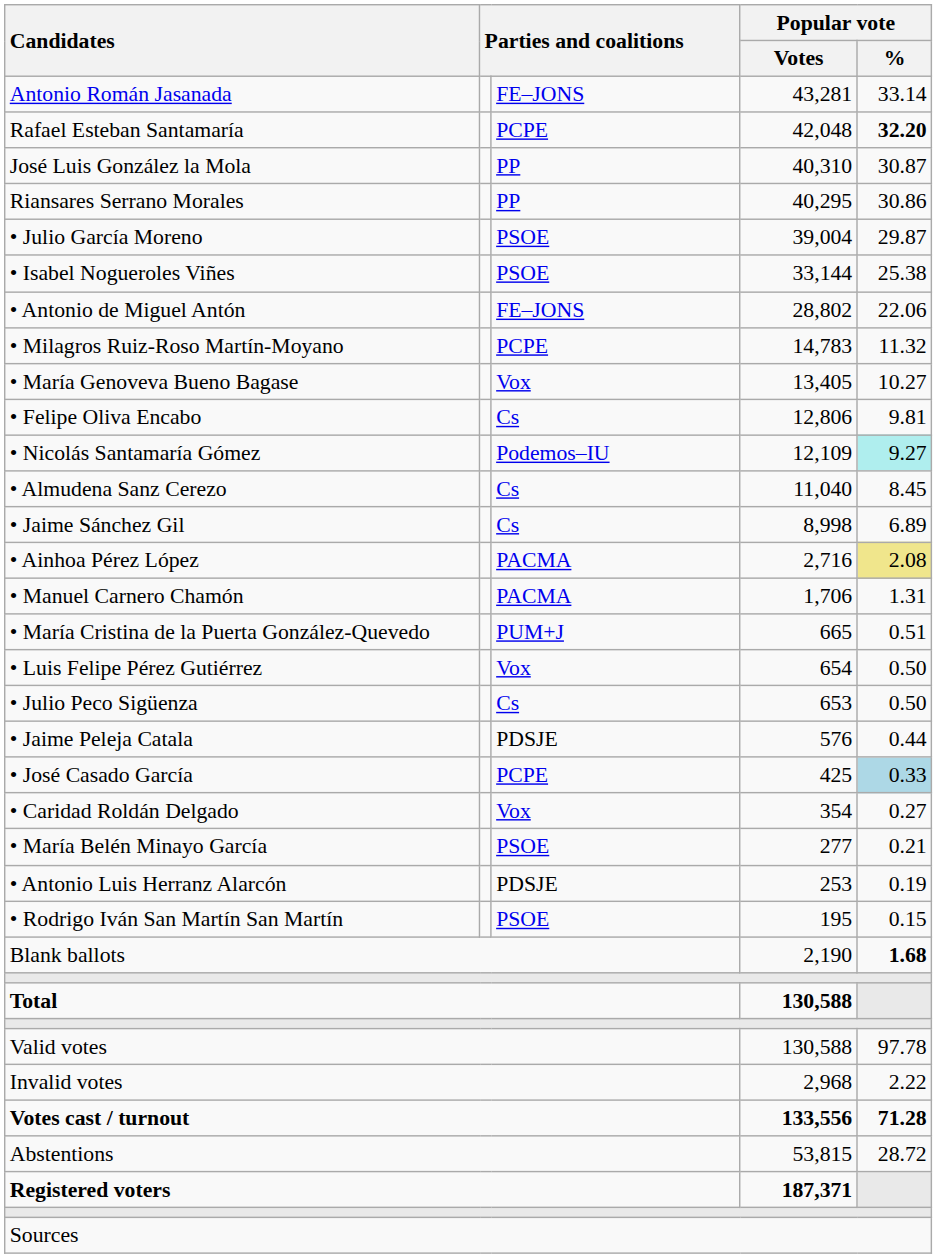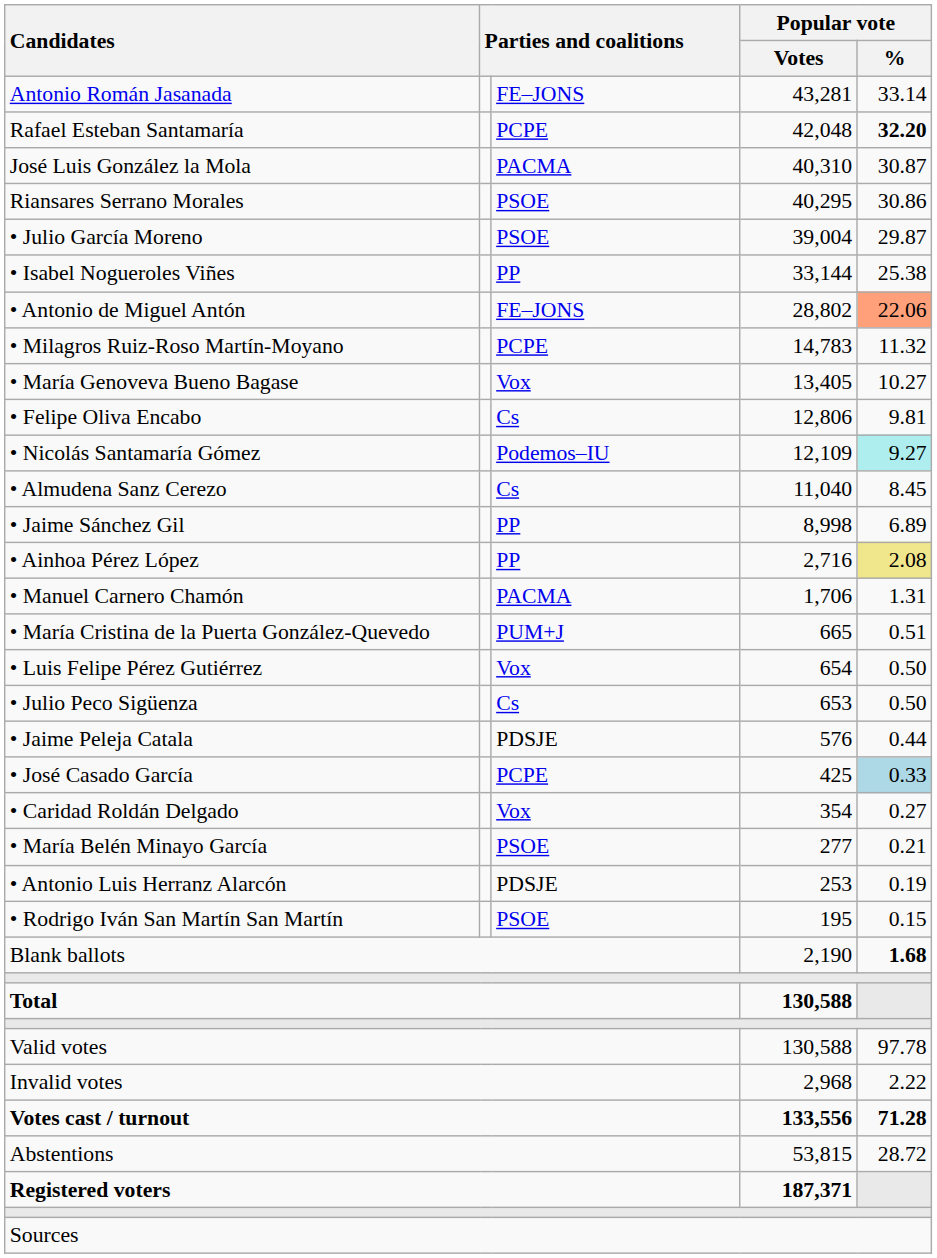 <table class="wikitable" style="text-align:right; font-size:95%;">
 <tr>
 <th style="text-align:left;" rowspan="2" width="325">Candidates</th>
 <th style="text-align:left;" rowspan="2" colspan="2" width="175">Parties and coalitions</th>
 <th colspan="2">Popular vote</th>
 </tr>
 <tr>
 <th width="75">Votes</th>
 <th width="45">%</th>
 </tr>
 <tr>
 <td align="left"> <a href='#'>Antonio Román Jasanada</a></td>
 <td width="1" style="color:inherit;background:"></td>
 <td align="left"><a href='#'>FE–JONS</a></td>
 <td>43,281</td>
 <td>33.14</td>
 </tr>
 <tr>
 <td align="left"> Rafael Esteban Santamaría</td>
 <td style="color:inherit;background:"></td>
 <td align="left"><a href='#'>PCPE</a></td>
 <td>42,048</td>
 <td><strong>32.20</strong></td>
 </tr>
 <tr>
 <td align="left"> José Luis González la Mola</td>
 <td style="color:inherit;background:"></td>
-<td align="left"><a href='#'>PP</a></td>
+<td align="left"><a href='#'>PACMA</a></td>
 <td>40,310</td>
 <td>30.87</td>
 </tr>
 <tr>
 <td align="left"> Riansares Serrano Morales</td>
 <td style="color:inherit;background:"></td>
-<td align="left"><a href='#'>PP</a></td>
+<td align="left"><a href='#'>PSOE</a></td>
 <td>40,295</td>
 <td>30.86</td>
 </tr>
 <tr>
 <td align="left">• Julio García Moreno</td>
 <td style="color:inherit;background:"></td>
 <td align="left"><a href='#'>PSOE</a></td>
 <td>39,004</td>
 <td>29.87</td>
 </tr>
 <tr>
 <td align="left">• Isabel Nogueroles Viñes</td>
 <td style="color:inherit;background:"></td>
-<td align="left"><a href='#'>PSOE</a></td>
+<td align="left"><a href='#'>PP</a></td>
 <td>33,144</td>
 <td>25.38</td>
 </tr>
 <tr>
 <td align="left">• Antonio de Miguel Antón</td>
 <td style="color:inherit;background:"></td>
 <td align="left"><a href='#'>FE–JONS</a></td>
 <td>28,802</td>
-<td>22.06</td>
+<td style="background: lightsalmon;">22.06</td>
 </tr>
 <tr>
 <td align="left">• Milagros Ruiz-Roso Martín-Moyano</td>
 <td style="color:inherit;background:"></td>
 <td align="left"><a href='#'>PCPE</a></td>
 <td>14,783</td>
 <td>11.32</td>
 </tr>
 <tr>
 <td align="left">• María Genoveva Bueno Bagase</td>
 <td style="color:inherit;background:"></td>
 <td align="left"><a href='#'>Vox</a></td>
 <td>13,405</td>
 <td>10.27</td>
 </tr>
 <tr>
 <td align="left">• Felipe Oliva Encabo</td>
 <td style="color:inherit;background:"></td>
 <td align="left"><a href='#'>Cs</a></td>
 <td>12,806</td>
 <td>9.81</td>
 </tr>
 <tr>
 <td align="left">• Nicolás Santamaría Gómez</td>
 <td style="color:inherit;background:"></td>
 <td align="left"><a href='#'>Podemos–IU</a></td>
 <td>12,109</td>
 <td style="background: paleturquoise;">9.27</td>
 </tr>
 <tr>
 <td align="left">• Almudena Sanz Cerezo</td>
 <td style="color:inherit;background:"></td>
 <td align="left"><a href='#'>Cs</a></td>
 <td>11,040</td>
 <td>8.45</td>
 </tr>
 <tr>
 <td align="left">• Jaime Sánchez Gil</td>
 <td style="color:inherit;background:"></td>
-<td align="left"><a href='#'>Cs</a></td>
+<td align="left"><a href='#'>PP</a></td>
 <td>8,998</td>
 <td>6.89</td>
 </tr>
 <tr>
 <td align="left">• Ainhoa Pérez López</td>
 <td style="color:inherit;background:"></td>
-<td align="left"><a href='#'>PACMA</a></td>
+<td align="left"><a href='#'>PP</a></td>
 <td>2,716</td>
 <td style="background: khaki;">2.08</td>
 </tr>
 <tr>
 <td align="left">• Manuel Carnero Chamón</td>
 <td style="color:inherit;background:"></td>
 <td align="left"><a href='#'>PACMA</a></td>
 <td>1,706</td>
 <td>1.31</td>
 </tr>
 <tr>
 <td align="left">• María Cristina de la Puerta González-Quevedo</td>
 <td style="color:inherit;background:"></td>
 <td align="left"><a href='#'>PUM+J</a></td>
 <td>665</td>
 <td>0.51</td>
 </tr>
 <tr>
 <td align="left">• Luis Felipe Pérez Gutiérrez</td>
 <td style="color:inherit;background:"></td>
 <td align="left"><a href='#'>Vox</a></td>
 <td>654</td>
 <td>0.50</td>
 </tr>
 <tr>
 <td align="left">• Julio Peco Sigüenza</td>
 <td style="color:inherit;background:"></td>
 <td align="left"><a href='#'>Cs</a></td>
 <td>653</td>
 <td>0.50</td>
 </tr>
 <tr>
 <td align="left">• Jaime Peleja Catala</td>
 <td style="color:inherit;background:"></td>
 <td align="left">PDSJE</td>
 <td>576</td>
 <td>0.44</td>
 </tr>
 <tr>
 <td align="left">• José Casado García</td>
 <td style="color:inherit;background:"></td>
 <td align="left"><a href='#'>PCPE</a></td>
 <td>425</td>
 <td style="background: lightblue;">0.33</td>
 </tr>
 <tr>
 <td align="left">• Caridad Roldán Delgado</td>
 <td style="color:inherit;background:"></td>
 <td align="left"><a href='#'>Vox</a></td>
 <td>354</td>
 <td>0.27</td>
 </tr>
 <tr>
 <td align="left">• María Belén Minayo García</td>
 <td style="color:inherit;background:"></td>
 <td align="left"><a href='#'>PSOE</a></td>
 <td>277</td>
 <td>0.21</td>
 </tr>
 <tr>
 <td align="left">• Antonio Luis Herranz Alarcón</td>
 <td style="color:inherit;background:"></td>
 <td align="left">PDSJE</td>
 <td>253</td>
 <td>0.19</td>
 </tr>
 <tr>
 <td align="left">• Rodrigo Iván San Martín San Martín</td>
 <td style="color:inherit;background:"></td>
 <td align="left"><a href='#'>PSOE</a></td>
 <td>195</td>
 <td>0.15</td>
 </tr>
 <tr>
 <td align="left" colspan="3">Blank ballots</td>
 <td>2,190</td>
 <td><strong>1.68</strong></td>
 </tr>
 <tr>
 <td colspan="5" bgcolor="#E9E9E9"></td>
 </tr>
 <tr style="font-weight:bold;">
 <td align="left" colspan="3">Total</td>
 <td>130,588</td>
 <td bgcolor="#E9E9E9"></td>
 </tr>
 <tr>
 <td colspan="5" bgcolor="#E9E9E9"></td>
 </tr>
 <tr>
 <td align="left" colspan="3">Valid votes</td>
 <td>130,588</td>
 <td>97.78</td>
 </tr>
 <tr>
 <td align="left" colspan="3">Invalid votes</td>
 <td>2,968</td>
 <td>2.22</td>
 </tr>
 <tr style="font-weight:bold;">
 <td align="left" colspan="3">Votes cast / turnout</td>
 <td>133,556</td>
 <td>71.28</td>
 </tr>
 <tr>
 <td align="left" colspan="3">Abstentions</td>
 <td>53,815</td>
 <td>28.72</td>
 </tr>
 <tr style="font-weight:bold;">
 <td align="left" colspan="3">Registered voters</td>
 <td>187,371</td>
 <td bgcolor="#E9E9E9"></td>
 </tr>
 <tr>
 <td colspan="5" bgcolor="#E9E9E9"></td>
 </tr>
 <tr>
 <td align="left" colspan="5">Sources</td>
 </tr>
 </table>
